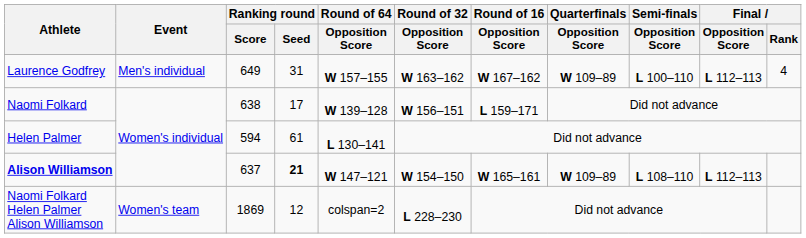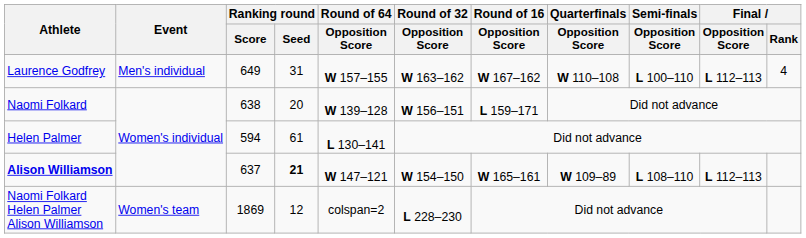 <table class="wikitable" style="font-size:90%">
 <tr>
 <th rowspan="2">Athlete</th>
 <th rowspan="2">Event</th>
 <th colspan="2">Ranking round</th>
 <th>Round of 64</th>
 <th>Round of 32</th>
 <th>Round of 16</th>
 <th>Quarterfinals</th>
 <th>Semi-finals</th>
 <th colspan="2">Final / </th>
 </tr>
 <tr style="font-size:95%">
 <th>Score</th>
 <th>Seed</th>
 <th>Opposition<br>Score</th>
 <th>Opposition<br>Score</th>
 <th>Opposition<br>Score</th>
 <th>Opposition<br>Score</th>
 <th>Opposition<br>Score</th>
 <th>Opposition<br>Score</th>
 <th>Rank</th>
 </tr>
 <tr align=center>
 <td align=left><a href='#'>Laurence Godfrey</a></td>
 <td align=left><a href='#'>Men's individual</a></td>
 <td>649</td>
 <td>31</td>
 <td><br><strong>W</strong> 157–155</td>
 <td><br><strong>W</strong> 163–162</td>
 <td><br><strong>W</strong> 167–162</td>
-<td><br><strong>W</strong> 109–89</td>
+<td><br><strong>W</strong> 110–108</td>
 <td><br><strong>L</strong> 100–110</td>
 <td><br><strong>L</strong> 112–113</td>
 <td>4</td>
 </tr>
 <tr align=center>
 <td align=left><a href='#'>Naomi Folkard</a></td>
 <td align=left rowspan=3><a href='#'>Women's individual</a></td>
 <td>638</td>
-<td>17</td>
+<td>20</td>
 <td><br><strong>W</strong> 139–128</td>
 <td><br><strong>W</strong> 156–151</td>
 <td><br><strong>L</strong> 159–171</td>
 <td colspan=4>Did not advance</td>
 </tr>
 <tr align=center>
 <td align=left><a href='#'>Helen Palmer</a></td>
 <td>594</td>
 <td>61</td>
 <td><br><strong>L</strong> 130–141</td>
 <td colspan=6>Did not advance</td>
 </tr>
 <tr align=center>
 <td align=left><strong><a href='#'>Alison Williamson</a></strong></td>
 <td>637</td>
 <td><strong>21</strong></td>
 <td><br><strong>W</strong> 147–121</td>
 <td><br><strong>W</strong> 154–150</td>
 <td><br><strong>W</strong> 165–161</td>
 <td><br><strong>W</strong> 109–89</td>
 <td><br><strong>L</strong> 108–110</td>
 <td><br><strong>L</strong> 112–113</td>
 <td></td>
 </tr>
 <tr align=center>
 <td align=left><a href='#'>Naomi Folkard</a><br><a href='#'>Helen Palmer</a><br><a href='#'>Alison Williamson</a></td>
 <td align=left><a href='#'>Women's team</a></td>
 <td>1869</td>
 <td>12</td>
 <td>colspan=2 </td>
 <td><br><strong>L</strong> 228–230</td>
 <td colspan=4>Did not advance</td>
 </tr>
 </table>
